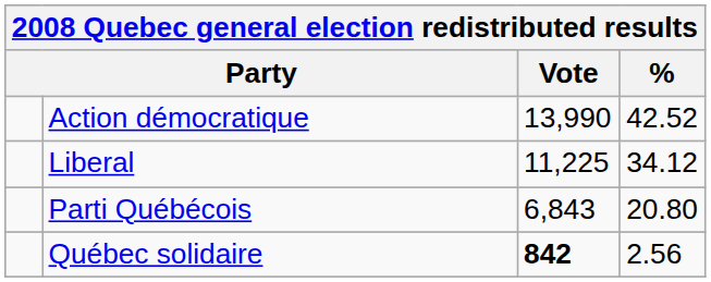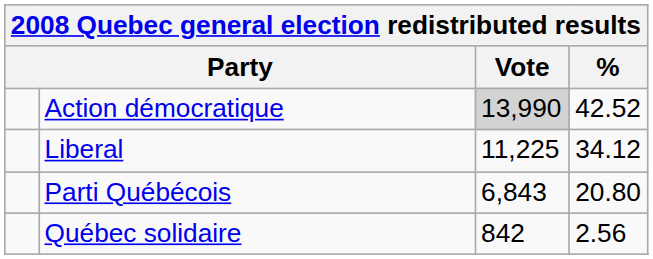 <table class="wikitable">
 <tr>
 <th colspan="4"><a href='#'>2008 Quebec general election</a> redistributed results</th>
 </tr>
 <tr>
 <th bgcolor="#DDDDFF" width="230px" colspan="2">Party</th>
 <th bgcolor="#DDDDFF" width="50px">Vote</th>
 <th bgcolor="#DDDDFF" width="30px">%</th>
 </tr>
 <tr>
 <td> </td>
 <td><a href='#'>Action démocratique</a></td>
-<td>13,990</td>
+<td style="background: lightgrey;">13,990</td>
 <td>42.52</td>
 </tr>
 <tr>
 <td> </td>
 <td><a href='#'>Liberal</a></td>
 <td>11,225</td>
 <td>34.12</td>
 </tr>
 <tr>
 <td> </td>
 <td><a href='#'>Parti Québécois</a></td>
 <td>6,843</td>
 <td>20.80</td>
 </tr>
 <tr>
 <td> </td>
 <td><a href='#'>Québec solidaire</a></td>
-<td><strong>842</strong></td>
+<td>842</td>
 <td>2.56</td>
 </tr>
 </table>
